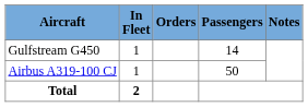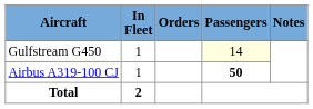 <table class="toccolours" border="1" cellpadding="3" style="border-collapse:collapse;margin:1em auto;">
 <tr bgcolor=#75aadb>
 <th>Aircraft</th>
 <th>In<br>Fleet</th>
 <th>Orders</th>
 <th>Passengers</th>
 <th>Notes</th>
 </tr>
 <tr>
 <td>Gulfstream G450</td>
 <td align="center">1</td>
 <td align="center"></td>
-<td align="center">14</td>
+<td align="center" style="background: lightyellow;">14</td>
 </tr>
 <tr>
 <td><a href='#'>Airbus A319-100 CJ</a></td>
 <td align="center">1</td>
 <td align="center"></td>
-<td align="center">50</td>
+<td align="center"><strong>50</strong></td>
 </tr>
 <tr>
 <th>Total</th>
 <th>2</th>
 <th></th>
 <th colspan="2"></th>
 </tr>
 </table>
